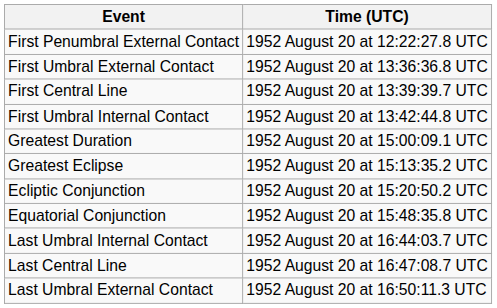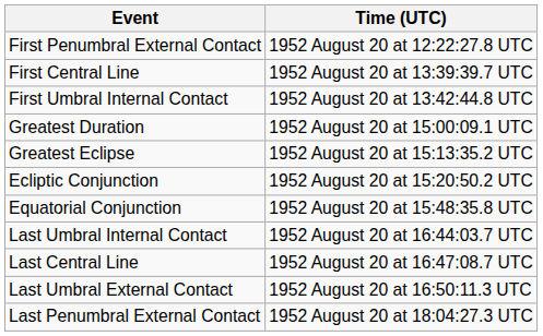 <table class="wikitable">
 <tr>
 <th>Event</th>
 <th>Time (UTC)</th>
 </tr>
 <tr>
 <td>First Penumbral External Contact</td>
 <td>1952 August 20 at 12:22:27.8 UTC</td>
-</tr>
-<tr>
-<td>First Umbral External Contact</td>
-<td>1952 August 20 at 13:36:36.8 UTC</td>
 </tr>
 <tr>
 <td>First Central Line</td>
 <td>1952 August 20 at 13:39:39.7 UTC</td>
 </tr>
 <tr>
 <td>First Umbral Internal Contact</td>
 <td>1952 August 20 at 13:42:44.8 UTC</td>
 </tr>
 <tr>
 <td>Greatest Duration</td>
 <td>1952 August 20 at 15:00:09.1 UTC</td>
 </tr>
 <tr>
 <td>Greatest Eclipse</td>
 <td>1952 August 20 at 15:13:35.2 UTC</td>
 </tr>
 <tr>
 <td>Ecliptic Conjunction</td>
 <td>1952 August 20 at 15:20:50.2 UTC</td>
 </tr>
 <tr>
 <td>Equatorial Conjunction</td>
 <td>1952 August 20 at 15:48:35.8 UTC</td>
 </tr>
 <tr>
 <td>Last Umbral Internal Contact</td>
 <td>1952 August 20 at 16:44:03.7 UTC</td>
 </tr>
 <tr>
 <td>Last Central Line</td>
 <td>1952 August 20 at 16:47:08.7 UTC</td>
 </tr>
 <tr>
 <td>Last Umbral External Contact</td>
 <td>1952 August 20 at 16:50:11.3 UTC</td>
 </tr>
+<tr>
+<td>Last Penumbral External Contact</td>
+<td>1952 August 20 at 18:04:27.3 UTC</td>
+</tr>
 </table>
